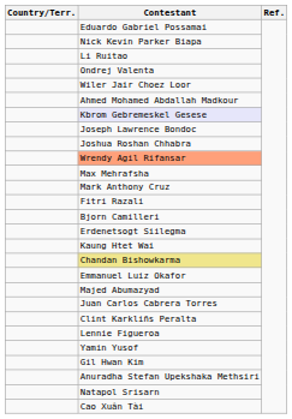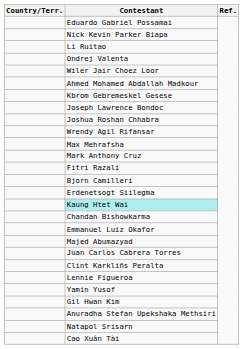 <table class="wikitable sortable" style="margin:0 1em 0 0; font-size:85%;">
 <tr>
 <th>Country/Terr.</th>
 <th>Contestant</th>
 <th>Ref.</th>
 </tr>
 <tr>
 <td></td>
 <td>Eduardo Gabriel Possamai</td>
 <td rowspan="27"></td>
 </tr>
 <tr>
 <td></td>
 <td>Nick Kevin Parker Biapa</td>
 </tr>
 <tr>
 <td></td>
 <td>Li Ruitao</td>
 </tr>
 <tr>
 <td></td>
 <td>Ondrej Valenta</td>
 </tr>
 <tr>
 <td></td>
 <td>Wiler Jair Choez Loor</td>
 </tr>
 <tr>
 <td></td>
 <td>Ahmed Mohamed Abdallah Madkour</td>
 </tr>
 <tr>
 <td></td>
-<td style="background: lavender;">Kbrom Gebremeskel Gesese</td>
+<td>Kbrom Gebremeskel Gesese</td>
 </tr>
 <tr>
 <td></td>
 <td>Joseph Lawrence Bondoc</td>
 </tr>
 <tr>
 <td></td>
 <td>Joshua Roshan Chhabra</td>
 </tr>
 <tr>
 <td></td>
-<td style="background: lightsalmon;">Wrendy Agil Rifansar</td>
+<td>Wrendy Agil Rifansar</td>
 </tr>
 <tr>
 <td></td>
 <td>Max Mehrafsha</td>
 </tr>
 <tr>
 <td></td>
 <td>Mark Anthony Cruz</td>
 </tr>
 <tr>
 <td></td>
 <td>Fitri Razali</td>
 </tr>
 <tr>
 <td></td>
 <td>Bjorn Camilleri</td>
 </tr>
 <tr>
 <td></td>
 <td>Erdenetsogt Siilegma</td>
 </tr>
 <tr>
 <td></td>
-<td>Kaung Htet Wai</td>
+<td style="background: paleturquoise;">Kaung Htet Wai</td>
 </tr>
 <tr>
 <td></td>
-<td style="background: khaki;">Chandan Bishowkarma</td>
+<td>Chandan Bishowkarma</td>
 </tr>
 <tr>
 <td></td>
 <td>Emmanuel Luiz Okafor</td>
 </tr>
 <tr>
 <td></td>
 <td>Majed Abumazyad</td>
 </tr>
 <tr>
 <td></td>
 <td>Juan Carlos Cabrera Torres</td>
 </tr>
 <tr>
 <td></td>
 <td>Clint Karkliñs Peralta</td>
 </tr>
 <tr>
 <td></td>
 <td>Lennie Figueroa</td>
 </tr>
 <tr>
 <td></td>
 <td>Yamin Yusof</td>
 </tr>
 <tr>
 <td></td>
 <td>Gil Hwan Kim</td>
 </tr>
 <tr>
 <td></td>
 <td>Anuradha Stefan Upekshaka Methsiri</td>
 </tr>
 <tr>
 <td></td>
 <td>Natapol Srisarn</td>
 </tr>
 <tr>
 <td></td>
 <td>Cao Xuân Tài</td>
 </tr>
 </table>
